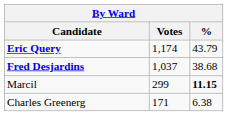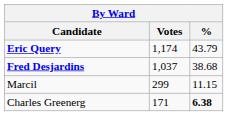 <table class="wikitable">
 <tr>
 <th colspan="3"><a href='#'>By Ward</a></th>
 </tr>
 <tr>
 <th style="width: 200px">Candidate</th>
 <th style="width: 50px">Votes</th>
 <th style="width: 40px">%</th>
 </tr>
 <tr>
 <td><strong><a href='#'>Eric Query</a></strong></td>
 <td>1,174</td>
 <td>43.79</td>
 </tr>
 <tr>
 <td><strong><a href='#'>Fred Desjardins</a></strong></td>
 <td>1,037</td>
 <td>38.68</td>
 </tr>
 <tr>
 <td>Marcil</td>
 <td>299</td>
-<td><strong>11.15</strong></td>
+<td>11.15</td>
 </tr>
 <tr>
 <td>Charles Greenerg</td>
 <td>171</td>
-<td>6.38</td>
+<td><strong>6.38</strong></td>
 </tr>
 </table>
